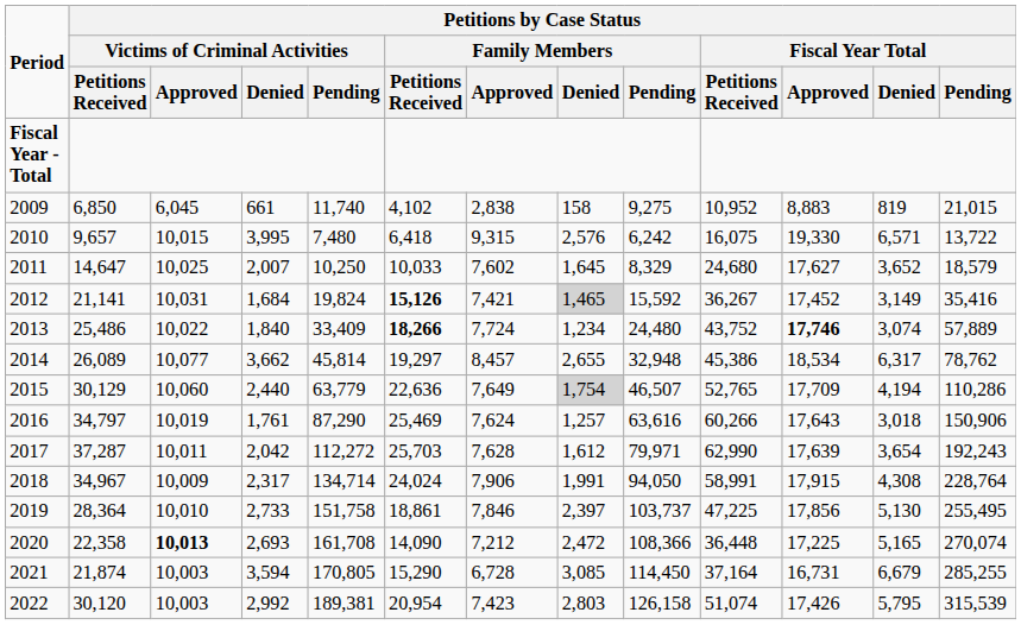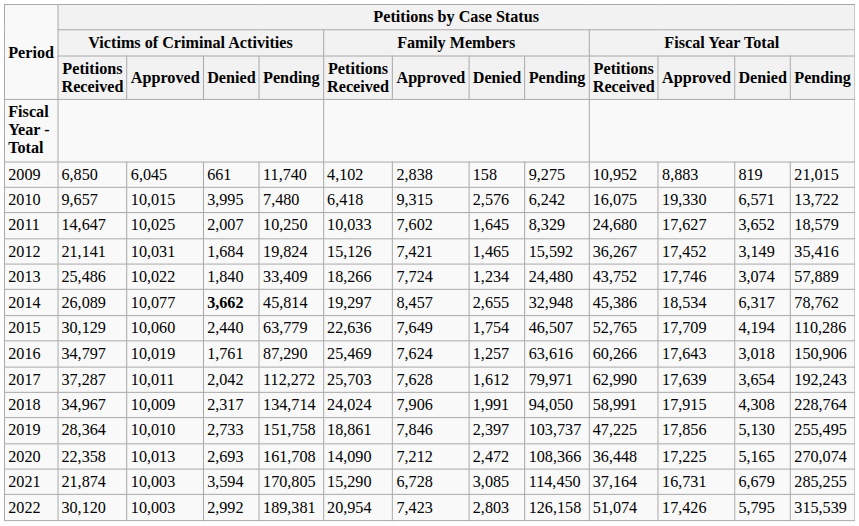 <table class="wikitable">
 <tr>
 <td rowspan="3"><strong>Period</strong></td>
 <th colspan="12">Petitions by Case Status</th>
 </tr>
 <tr>
 <th colspan="4">Victims of Criminal Activities</th>
 <th colspan="4">Family Members</th>
 <th colspan="4">Fiscal Year Total</th>
 </tr>
 <tr>
 <th><strong>Petitions</strong><br><strong>Received</strong></th>
 <th><strong>Approved</strong></th>
 <th><strong>Denied</strong></th>
 <th><strong>Pending</strong></th>
 <th><strong>Petitions</strong><br><strong>Received</strong></th>
 <th><strong>Approved</strong></th>
 <th><strong>Denied</strong></th>
 <th><strong>Pending</strong></th>
 <th><strong>Petitions</strong><br><strong>Received</strong></th>
 <th><strong>Approved</strong></th>
 <th><strong>Denied</strong></th>
 <th><strong>Pending</strong></th>
 </tr>
 <tr>
 <td><strong>Fiscal Year - Total</strong></td>
 <td colspan="4"></td>
 <td colspan="4"></td>
 <td colspan="4"></td>
 </tr>
 <tr>
 <td>2009</td>
 <td>6,850</td>
 <td>6,045</td>
 <td>661</td>
 <td>11,740</td>
 <td>4,102</td>
 <td>2,838</td>
 <td>158</td>
 <td>9,275</td>
 <td>10,952</td>
 <td>8,883</td>
 <td>819</td>
 <td>21,015</td>
 </tr>
 <tr>
 <td>2010</td>
 <td>9,657</td>
 <td>10,015</td>
 <td>3,995</td>
 <td>7,480</td>
 <td>6,418</td>
 <td>9,315</td>
 <td>2,576</td>
 <td>6,242</td>
 <td>16,075</td>
 <td>19,330</td>
 <td>6,571</td>
 <td>13,722</td>
 </tr>
 <tr>
 <td>2011</td>
 <td>14,647</td>
 <td>10,025</td>
 <td>2,007</td>
 <td>10,250</td>
 <td>10,033</td>
 <td>7,602</td>
 <td>1,645</td>
 <td>8,329</td>
 <td>24,680</td>
 <td>17,627</td>
 <td>3,652</td>
 <td>18,579</td>
 </tr>
 <tr>
 <td>2012</td>
 <td>21,141</td>
 <td>10,031</td>
 <td>1,684</td>
 <td>19,824</td>
-<td><strong>15,126</strong></td>
+<td>15,126</td>
 <td>7,421</td>
-<td style="background: lightgrey;">1,465</td>
+<td>1,465</td>
 <td>15,592</td>
 <td>36,267</td>
 <td>17,452</td>
 <td>3,149</td>
 <td>35,416</td>
 </tr>
 <tr>
 <td>2013</td>
 <td>25,486</td>
 <td>10,022</td>
 <td>1,840</td>
 <td>33,409</td>
-<td><strong>18,266</strong></td>
+<td>18,266</td>
 <td>7,724</td>
 <td>1,234</td>
 <td>24,480</td>
 <td>43,752</td>
-<td><strong>17,746</strong></td>
+<td>17,746</td>
 <td>3,074</td>
 <td>57,889</td>
 </tr>
 <tr>
 <td>2014</td>
 <td>26,089</td>
 <td>10,077</td>
-<td>3,662</td>
+<td><strong>3,662</strong></td>
 <td>45,814</td>
 <td>19,297</td>
 <td>8,457</td>
 <td>2,655</td>
 <td>32,948</td>
 <td>45,386</td>
 <td>18,534</td>
 <td>6,317</td>
 <td>78,762</td>
 </tr>
 <tr>
 <td>2015</td>
 <td>30,129</td>
 <td>10,060</td>
 <td>2,440</td>
 <td>63,779</td>
 <td>22,636</td>
 <td>7,649</td>
-<td style="background: lightgrey;">1,754</td>
+<td>1,754</td>
 <td>46,507</td>
 <td>52,765</td>
 <td>17,709</td>
 <td>4,194</td>
 <td>110,286</td>
 </tr>
 <tr>
 <td>2016</td>
 <td>34,797</td>
 <td>10,019</td>
 <td>1,761</td>
 <td>87,290</td>
 <td>25,469</td>
 <td>7,624</td>
 <td>1,257</td>
 <td>63,616</td>
 <td>60,266</td>
 <td>17,643</td>
 <td>3,018</td>
 <td>150,906</td>
 </tr>
 <tr>
 <td>2017</td>
 <td>37,287</td>
 <td>10,011</td>
 <td>2,042</td>
 <td>112,272</td>
 <td>25,703</td>
 <td>7,628</td>
 <td>1,612</td>
 <td>79,971</td>
 <td>62,990</td>
 <td>17,639</td>
 <td>3,654</td>
 <td>192,243</td>
 </tr>
 <tr>
 <td>2018</td>
 <td>34,967</td>
 <td>10,009</td>
 <td>2,317</td>
 <td>134,714</td>
 <td>24,024</td>
 <td>7,906</td>
 <td>1,991</td>
 <td>94,050</td>
 <td>58,991</td>
 <td>17,915</td>
 <td>4,308</td>
 <td>228,764</td>
 </tr>
 <tr>
 <td>2019</td>
 <td>28,364</td>
 <td>10,010</td>
 <td>2,733</td>
 <td>151,758</td>
 <td>18,861</td>
 <td>7,846</td>
 <td>2,397</td>
 <td>103,737</td>
 <td>47,225</td>
 <td>17,856</td>
 <td>5,130</td>
 <td>255,495</td>
 </tr>
 <tr>
 <td>2020</td>
 <td>22,358</td>
-<td><strong>10,013</strong></td>
+<td>10,013</td>
 <td>2,693</td>
 <td>161,708</td>
 <td>14,090</td>
 <td>7,212</td>
 <td>2,472</td>
 <td>108,366</td>
 <td>36,448</td>
 <td>17,225</td>
 <td>5,165</td>
 <td>270,074</td>
 </tr>
 <tr>
 <td>2021</td>
 <td>21,874</td>
 <td>10,003</td>
 <td>3,594</td>
 <td>170,805</td>
 <td>15,290</td>
 <td>6,728</td>
 <td>3,085</td>
 <td>114,450</td>
 <td>37,164</td>
 <td>16,731</td>
 <td>6,679</td>
 <td>285,255</td>
 </tr>
 <tr>
 <td>2022</td>
 <td>30,120</td>
 <td>10,003</td>
 <td>2,992</td>
 <td>189,381</td>
 <td>20,954</td>
 <td>7,423</td>
 <td>2,803</td>
 <td>126,158</td>
 <td>51,074</td>
 <td>17,426</td>
 <td>5,795</td>
 <td>315,539</td>
 </tr>
 </table>
